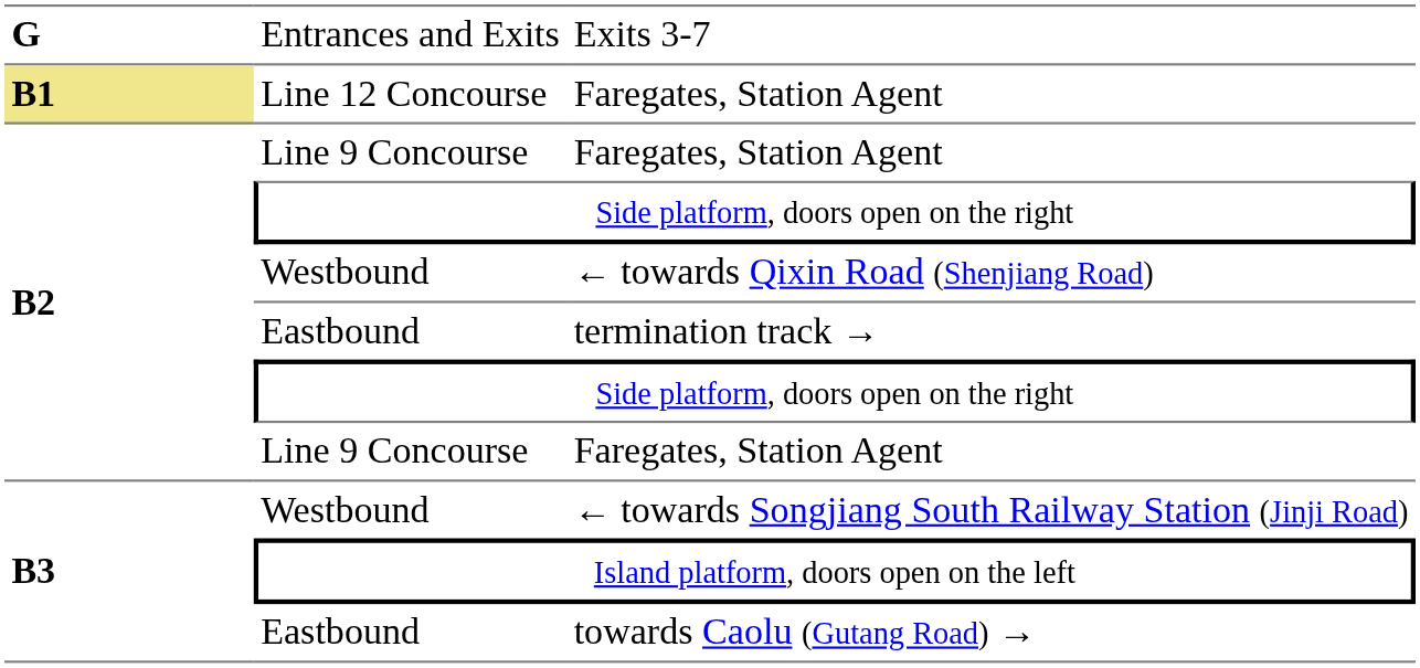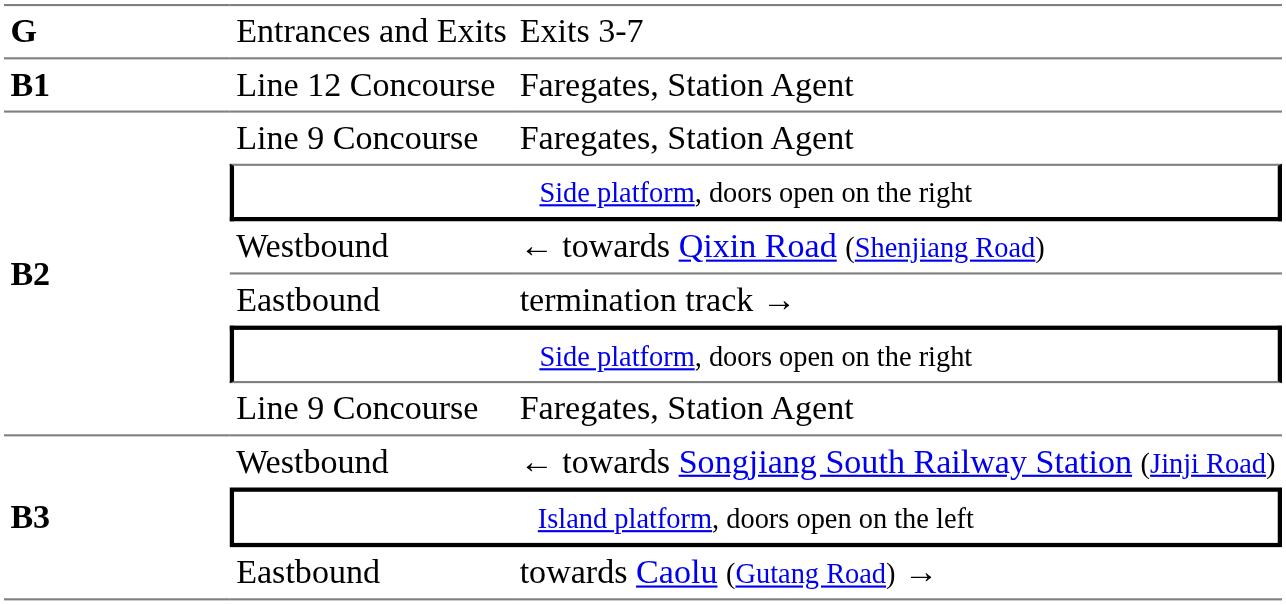 <table cellspacing=0 cellpadding=3>
 <tr>
 <td style="border-top:solid 1px gray;border-bottom:solid 1px gray;" width=100><strong>G</strong></td>
 <td style="border-top:solid 1px gray;border-bottom:solid 1px gray;">Entrances and Exits</td>
 <td style="border-top:solid 1px gray;border-bottom:solid 1px gray;">Exits 3-7</td>
 </tr>
 <tr>
-<td style="background: khaki; border-bottom:solid 1px gray;"><strong>B1</strong></td>
+<td style="border-bottom:solid 1px gray;"><strong>B1</strong></td>
 <td style="border-bottom:solid 1px gray;">Line 12 Concourse</td>
 <td style="border-bottom:solid 1px gray;">Faregates, Station Agent</td>
 </tr>
 <tr>
 <td style="border-bottom:solid 1px gray;" rowspan=6><strong>B2</strong></td>
 <td>Line 9 Concourse</td>
 <td>Faregates, Station Agent</td>
 </tr>
 <tr>
 <td style="border-right:solid 2px black;border-left:solid 2px black;border-top:solid 1px gray;border-bottom:solid 2px black;text-align:center;" colspan=2><small><a href='#'>Side platform</a>, doors open on the right</small></td>
 </tr>
 <tr>
 <td style="border-bottom:solid 1px gray;">Westbound</td>
 <td style="border-bottom:solid 1px gray;">←  towards <a href='#'>Qixin Road</a> <small>(<a href='#'>Shenjiang Road</a>)</small></td>
 </tr>
 <tr>
 <td>Eastbound</td>
 <td>  termination track →</td>
 </tr>
 <tr>
 <td style="border-right:solid 2px black;border-left:solid 2px black;border-top:solid 2px black;border-bottom:solid 1px gray;text-align:center;" colspan=2><small><a href='#'>Side platform</a>, doors open on the right</small></td>
 </tr>
 <tr>
 <td style="border-bottom:solid 1px gray;">Line 9 Concourse</td>
 <td style="border-bottom:solid 1px gray;">Faregates, Station Agent</td>
 </tr>
 <tr>
 <td style="border-bottom:solid 1px gray;" rowspan=3><strong>B3</strong></td>
 <td>Westbound</td>
 <td>←  towards <a href='#'>Songjiang South Railway Station</a> <small>(<a href='#'>Jinji Road</a>)</small></td>
 </tr>
 <tr>
 <td style="border-right:solid 2px black;border-left:solid 2px black;border-top:solid 2px black;border-bottom:solid 2px black;text-align:center;" colspan=2><small><a href='#'>Island platform</a>, doors open on the left</small></td>
 </tr>
 <tr>
 <td style="border-bottom:solid 1px gray;">Eastbound</td>
 <td style="border-bottom:solid 1px gray;">  towards <a href='#'>Caolu</a> <small>(<a href='#'>Gutang Road</a>)</small> →</td>
 </tr>
 </table>
